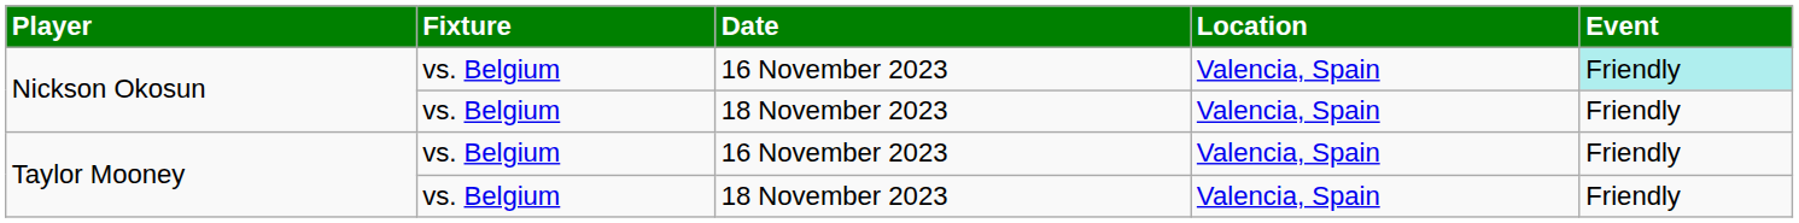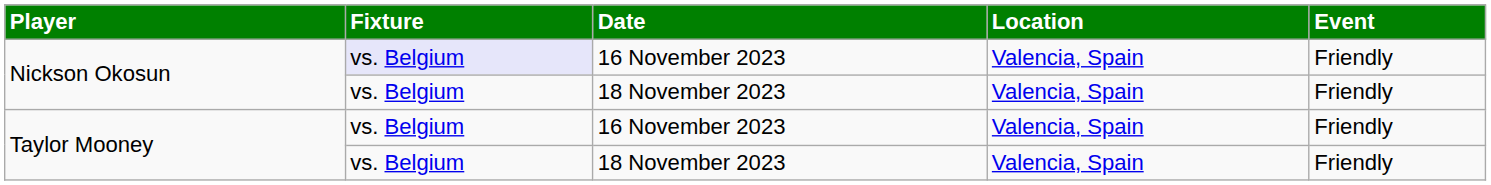 <table class="wikitable" style="width:85%;">
 <tr>
 <th style="background:green; color:white; text-align:left;">Player</th>
 <th style="background:green; color:white; text-align:left;">Fixture</th>
 <th style="background:green; color:white; text-align:left;">Date</th>
 <th style="background:green; color:white; text-align:left;">Location</th>
 <th style="background:green; color:white; text-align:left;">Event</th>
 </tr>
 <tr>
 <td rowspan="2">Nickson Okosun</td>
-<td>vs.  <a href='#'>Belgium</a></td>
+<td style="background: lavender;">vs.  <a href='#'>Belgium</a></td>
 <td>16 November 2023</td>
 <td><a href='#'>Valencia, Spain</a></td>
-<td style="background: paleturquoise;">Friendly</td>
+<td>Friendly</td>
 </tr>
 <tr>
 <td>vs.  <a href='#'>Belgium</a></td>
 <td>18 November 2023</td>
 <td><a href='#'>Valencia, Spain</a></td>
 <td>Friendly</td>
 </tr>
 <tr>
 <td rowspan="2">Taylor Mooney</td>
 <td>vs.  <a href='#'>Belgium</a></td>
 <td>16 November 2023</td>
 <td><a href='#'>Valencia, Spain</a></td>
 <td>Friendly</td>
 </tr>
 <tr>
 <td>vs.  <a href='#'>Belgium</a></td>
 <td>18 November 2023</td>
 <td><a href='#'>Valencia, Spain</a></td>
 <td>Friendly</td>
 </tr>
 </table>
